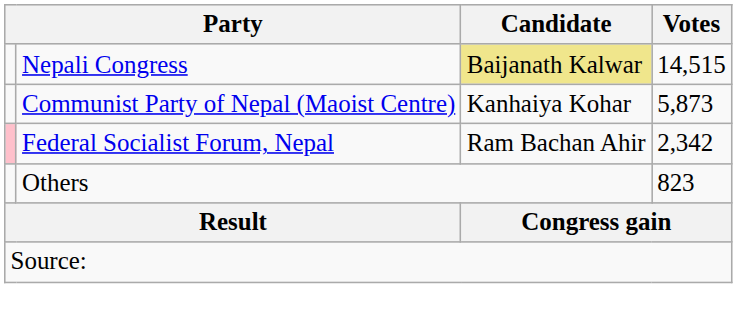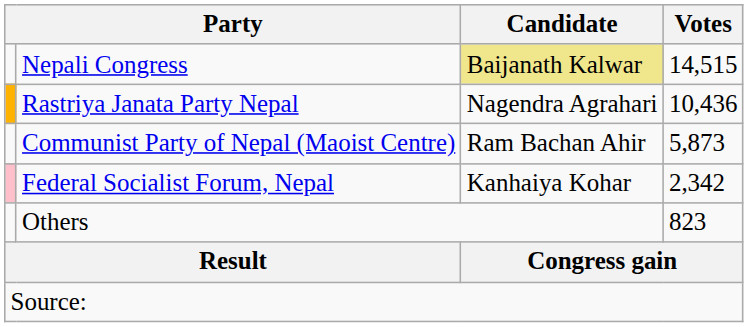 <table class="wikitable">
 <tr>
 <th colspan="2">Party</th>
 <th>Candidate</th>
 <th>Votes</th>
 </tr>
 <tr>
 <td style="background-color:"></td>
 <td><a href='#'>Nepali Congress</a></td>
 <td style="background: khaki;">Baijanath Kalwar</td>
 <td>14,515</td>
 </tr>
 <tr>
+<td style="background-color:#FFb300"></td>
+<td><a href='#'>Rastriya Janata Party Nepal</a></td>
+<td>Nagendra Agrahari</td>
+<td>10,436</td>
+</tr>
+<tr>
 <td style="background-color:"></td>
 <td><a href='#'>Communist Party of Nepal (Maoist Centre)</a></td>
-<td>Kanhaiya Kohar</td>
+<td>Ram Bachan Ahir</td>
 <td>5,873</td>
 </tr>
 <tr>
 <td style="background-color:#ffc0cb"></td>
 <td><a href='#'>Federal Socialist Forum, Nepal</a></td>
-<td>Ram Bachan Ahir</td>
+<td>Kanhaiya Kohar</td>
 <td>2,342</td>
 </tr>
 <tr>
 <td></td>
 <td colspan="2">Others</td>
 <td>823</td>
 </tr>
 <tr>
 <th colspan="2">Result</th>
 <th colspan="2">Congress gain</th>
 </tr>
 <tr>
 <td colspan="4">Source: </td>
 </tr>
 </table>
